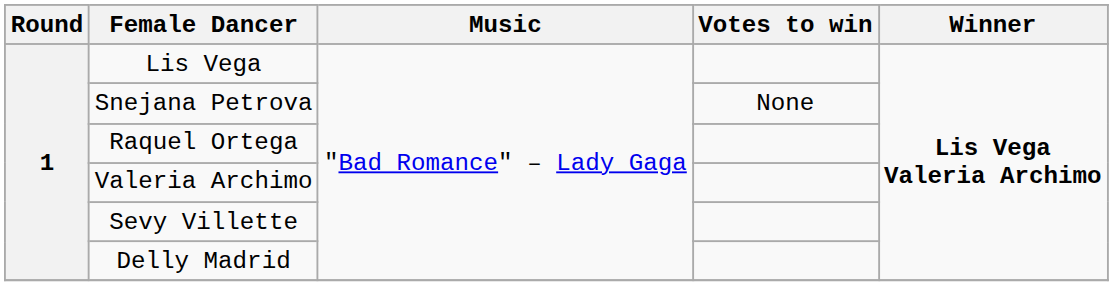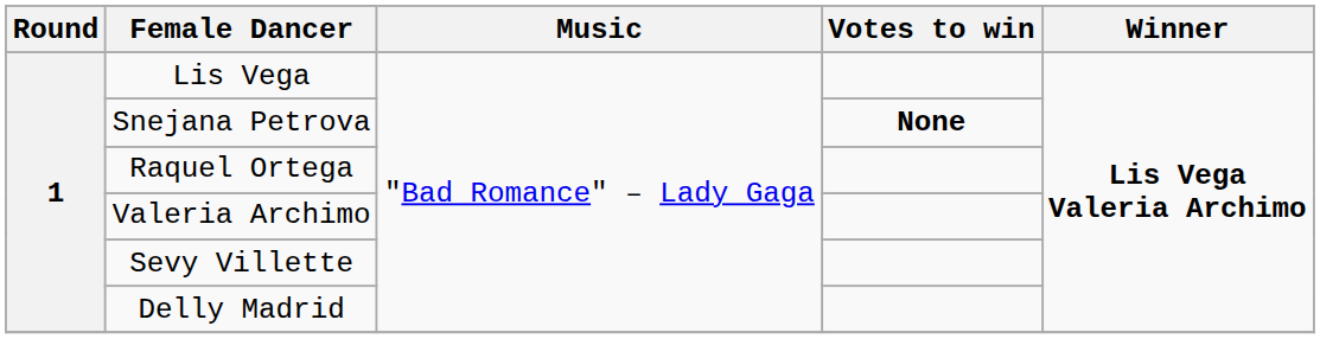 <table class="wikitable" style="text-align:center">
 <tr>
 <th>Round</th>
 <th>Female Dancer</th>
 <th>Music</th>
 <th>Votes to win</th>
 <th>Winner</th>
 </tr>
 <tr>
 <th rowspan=6>1</th>
 <td> Lis Vega</td>
 <td rowspan=6>"<a href='#'>Bad Romance</a>" – <a href='#'>Lady Gaga</a></td>
 <td>     </td>
 <td rowspan=6><strong>Lis Vega</strong><br><strong>Valeria Archimo</strong></td>
 </tr>
 <tr>
 <td> Snejana Petrova</td>
-<td>None</td>
+<td><strong>None</strong></td>
 </tr>
 <tr>
 <td> Raquel Ortega</td>
 <td>   </td>
 </tr>
 <tr>
 <td> Valeria Archimo</td>
 <td>   </td>
 </tr>
 <tr>
 <td> Sevy Villette</td>
 <td>  </td>
 </tr>
 <tr>
 <td> Delly Madrid</td>
 <td>  </td>
 </tr>
 <tr>
 </tr>
 </table>
